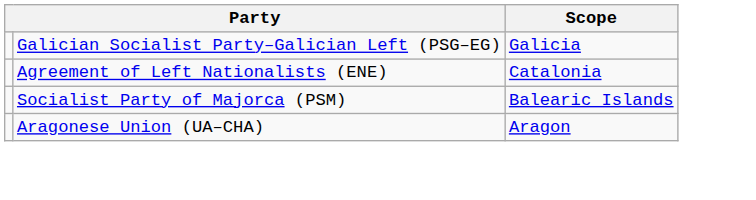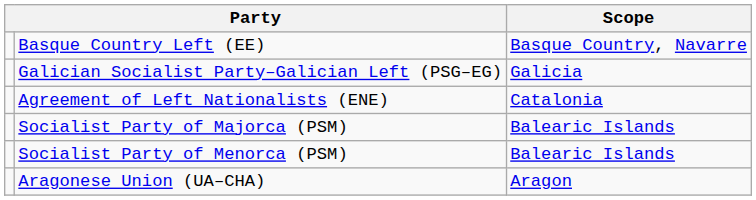 <table class="wikitable" style="text-align:left; font-size:97%;">
 <tr>
 <th colspan="2">Party</th>
 <th>Scope</th>
+</tr>
+<tr>
+<td width="1"></td>
+<td><a href='#'>Basque Country Left</a> (EE)</td>
+<td><a href='#'>Basque Country</a>, <a href='#'>Navarre</a></td>
 </tr>
 <tr>
 <td></td>
 <td><a href='#'>Galician Socialist Party–Galician Left</a> (PSG–EG)</td>
 <td><a href='#'>Galicia</a></td>
 </tr>
 <tr>
 <td></td>
 <td><a href='#'>Agreement of Left Nationalists</a> (ENE)</td>
 <td><a href='#'>Catalonia</a></td>
 </tr>
 <tr>
 <td></td>
 <td><a href='#'>Socialist Party of Majorca</a> (PSM)</td>
 <td><a href='#'>Balearic Islands</a></td>
 </tr>
 <tr>
 <td></td>
+<td><a href='#'>Socialist Party of Menorca</a> (PSM)</td>
+<td><a href='#'>Balearic Islands</a></td>
+</tr>
+<tr>
+<td></td>
 <td><a href='#'>Aragonese Union</a> (UA–CHA)</td>
 <td><a href='#'>Aragon</a></td>
 </tr>
 </table>
